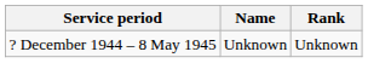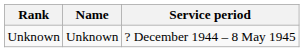 <table class="wikitable">
 <tr>
+<th>Rank</th>
+<th>Name</th>
 <th>Service period</th>
-<th>Name</th>
-<th>Rank</th>
 </tr>
 <tr>
-<td>? December 1944 – 8 May 1945</td>
 <td>Unknown</td>
 <td>Unknown</td>
+<td>? December 1944 – 8 May 1945</td>
 </tr>
 </table>
